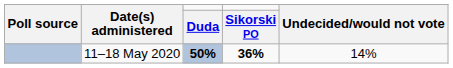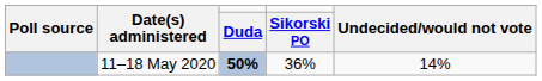 <table class="wikitable" style="text-align:center;font-size:85%;line-height:14px;">
 <tr>
 <th rowspan="2">Poll source</th>
 <th rowspan="2">Date(s)<br>administered</th>
 <td></td>
 <td></td>
 <th rowspan="2">Undecided/would not vote</th>
 </tr>
 <tr>
 <th><a href='#'>Duda</a><br></th>
 <th><a href='#'>Sikorski</a><br><small><a href='#'>PO</a></small></th>
 </tr>
 <tr>
 <td style="background:lightsteelblue;"></td>
 <td>11–18 May 2020</td>
 <td style="background:lightsteelblue;"><strong>50%</strong></td>
-<td><strong>36%</strong></td>
+<td>36%</td>
 <td>14%</td>
 </tr>
 </table>
